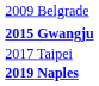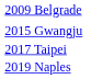 <table>
 <tr>
 <td> <a href='#'>2009 Belgrade</a></td>
 <td></td>
 <td></td>
 <td></td>
 </tr>
 <tr>
 <td></td>
 <td></td>
 <td></td>
 <td></td>
 </tr>
 <tr>
-<td><strong> <a href='#'>2015 Gwangju</a></strong></td>
+<td> <a href='#'>2015 Gwangju</a></td>
 <td></td>
 <td></td>
 <td></td>
 </tr>
 <tr>
 <td> <a href='#'>2017 Taipei</a></td>
 <td></td>
 <td></td>
 <td></td>
 </tr>
 <tr>
-<td><strong> <a href='#'>2019 Naples</a></strong></td>
+<td> <a href='#'>2019 Naples</a></td>
 <td></td>
 <td></td>
 <td></td>
 </tr>
 <tr>
 <td></td>
 <td></td>
 <td></td>
 <td></td>
 </tr>
 </table>
